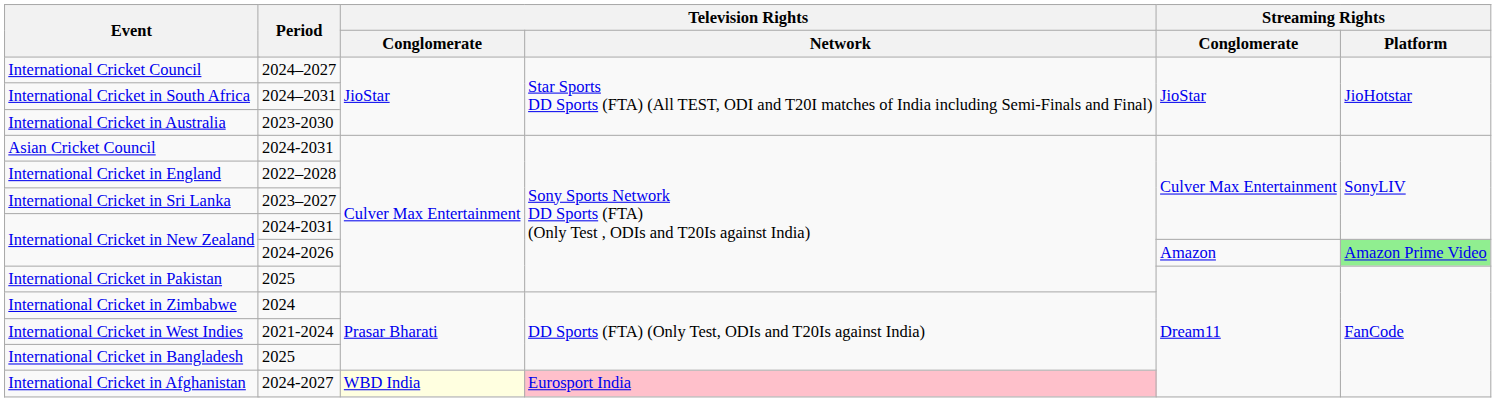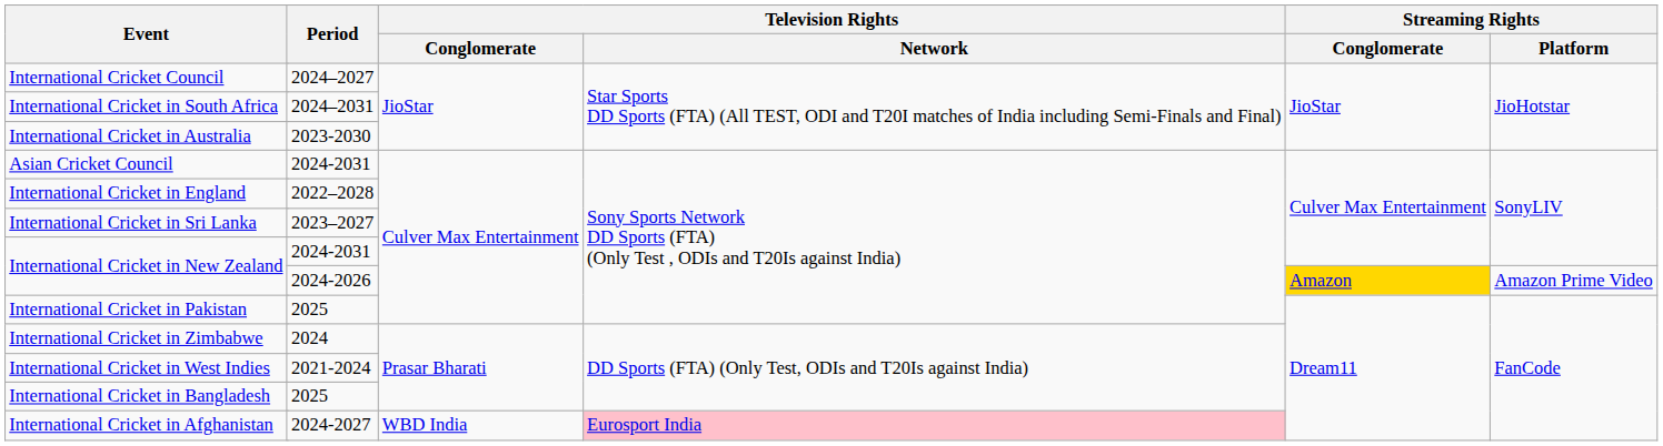 <table class="wikitable">
 <tr>
 <th colspan="2" rowspan="2">Event</th>
 <th rowspan="2">Period</th>
 <th colspan="2">Television Rights</th>
 <th colspan="2">Streaming Rights</th>
 </tr>
 <tr>
 <th>Conglomerate</th>
 <th>Network</th>
 <th>Conglomerate</th>
 <th>Platform</th>
 </tr>
 <tr>
 <td colspan="2"><a href='#'>International Cricket Council</a></td>
 <td>2024–2027</td>
 <td rowspan="3"><a href='#'>JioStar</a></td>
 <td rowspan="3"><a href='#'>Star Sports</a><br><a href='#'>DD Sports</a> (FTA) (All TEST, ODI and T20I matches of India including Semi-Finals and Final)</td>
 <td rowspan="3"><a href='#'>JioStar</a></td>
 <td rowspan="3"><a href='#'>JioHotstar</a></td>
 </tr>
 <tr>
 <td colspan="2"><a href='#'>International Cricket in South Africa</a></td>
 <td>2024–2031</td>
 </tr>
 <tr>
 <td colspan="2"><a href='#'>International Cricket in Australia</a></td>
 <td>2023-2030</td>
 </tr>
 <tr>
 <td colspan="2"><a href='#'>Asian Cricket Council</a></td>
 <td>2024-2031</td>
 <td rowspan="6"><a href='#'>Culver Max Entertainment</a></td>
 <td rowspan="6"><a href='#'>Sony Sports Network</a><br><a href='#'>DD Sports</a> (FTA)<br>(Only Test , ODIs and T20Is against India)</td>
 <td rowspan="4"><a href='#'>Culver Max Entertainment</a></td>
 <td rowspan="4"><a href='#'>SonyLIV</a></td>
 </tr>
 <tr>
 <td colspan="2"><a href='#'>International Cricket in England</a></td>
 <td>2022–2028</td>
 </tr>
 <tr>
 <td colspan="2"><a href='#'>International Cricket in Sri Lanka</a></td>
 <td>2023–2027</td>
 </tr>
 <tr>
 <td colspan="2" rowspan="2"><a href='#'>International Cricket in New Zealand</a></td>
 <td>2024-2031</td>
 </tr>
 <tr>
 <td>2024-2026</td>
-<td><a href='#'>Amazon</a></td>
-<td style="background: lightgreen;"><a href='#'>Amazon Prime Video</a></td>
+<td style="background: gold;"><a href='#'>Amazon</a></td>
+<td><a href='#'>Amazon Prime Video</a></td>
 </tr>
 <tr>
 <td colspan="2"><a href='#'>International Cricket in Pakistan</a></td>
 <td>2025</td>
 <td rowspan="5"><a href='#'>Dream11</a></td>
 <td rowspan="5"><a href='#'>FanCode</a></td>
 </tr>
 <tr>
 <td colspan="2"><a href='#'>International Cricket in Zimbabwe</a></td>
 <td>2024</td>
 <td rowspan="3"><a href='#'>Prasar Bharati</a></td>
 <td rowspan="3"><a href='#'>DD Sports</a> (FTA) (Only Test, ODIs and T20Is against India)</td>
 </tr>
 <tr>
 <td colspan="2"><a href='#'>International Cricket in West Indies</a></td>
 <td>2021-2024</td>
 </tr>
 <tr>
 <td colspan="2"><a href='#'>International Cricket in Bangladesh</a></td>
 <td>2025</td>
 </tr>
 <tr>
 <td colspan="2"><a href='#'>International Cricket in Afghanistan</a></td>
 <td>2024-2027</td>
-<td style="background: lightyellow;"><a href='#'>WBD India</a></td>
+<td><a href='#'>WBD India</a></td>
 <td style="background: pink;"><a href='#'>Eurosport India</a></td>
 </tr>
 </table>
